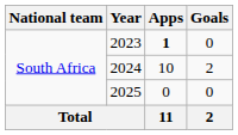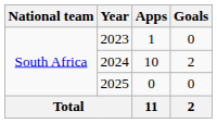 <table class="wikitable" style="text-align:center">
 <tr>
 <th>National team</th>
 <th>Year</th>
 <th>Apps</th>
 <th>Goals</th>
 </tr>
 <tr>
 <td rowspan="3"><a href='#'>South Africa</a></td>
 <td>2023</td>
-<td><strong>1</strong></td>
+<td>1</td>
 <td>0</td>
 </tr>
 <tr>
 <td>2024</td>
 <td>10</td>
 <td>2</td>
 </tr>
 <tr>
 <td>2025</td>
 <td>0</td>
 <td>0</td>
 </tr>
 <tr>
 <th colspan="2">Total</th>
 <th>11</th>
 <th>2</th>
 </tr>
 </table>
